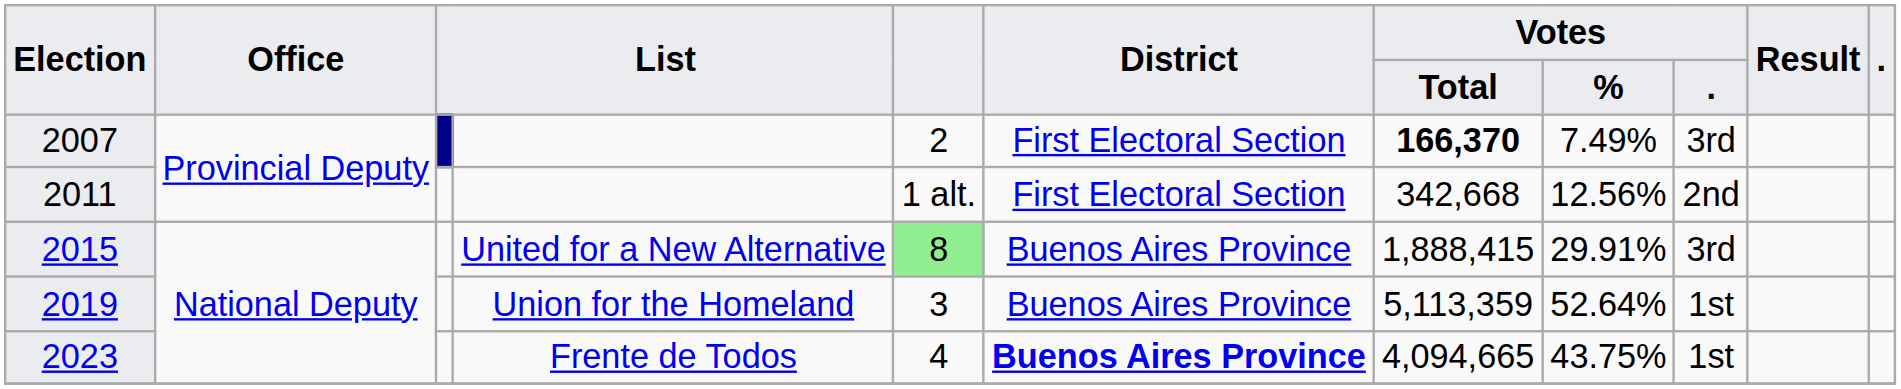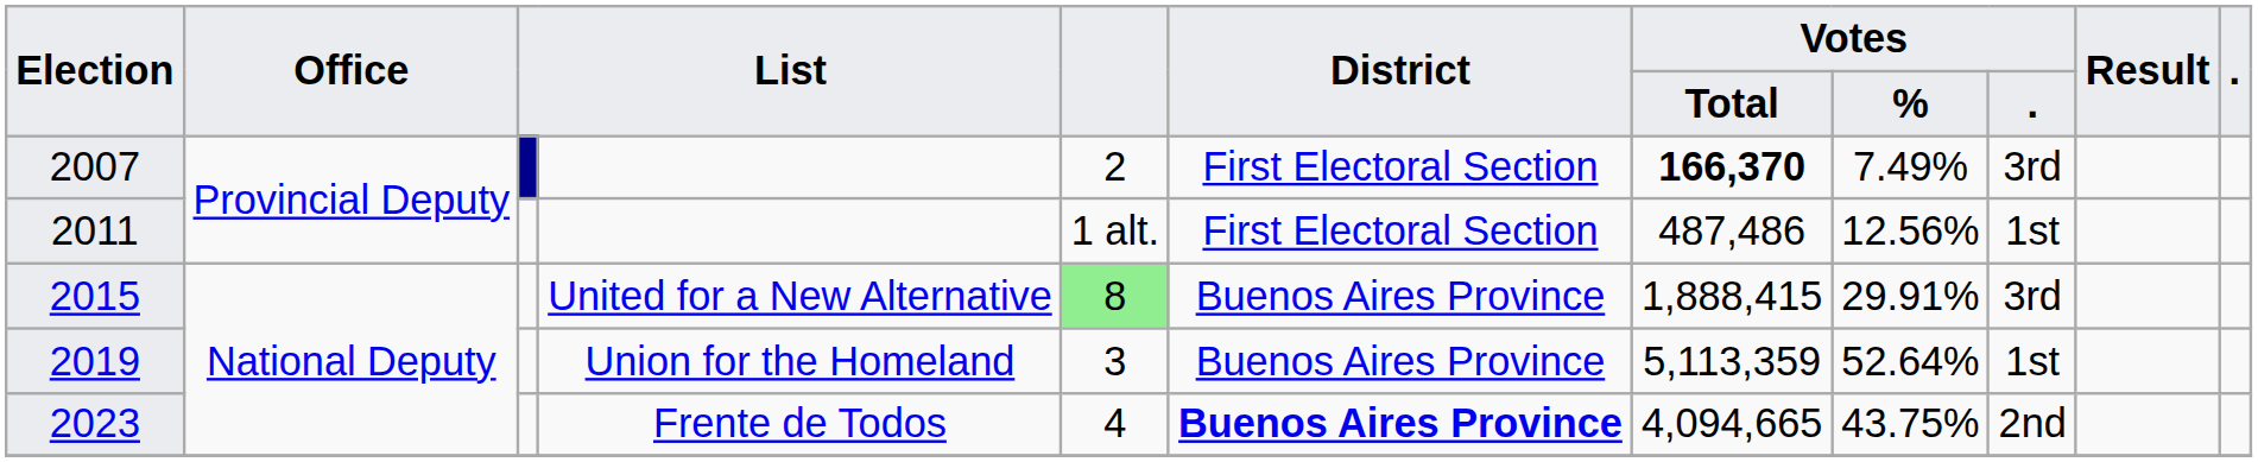 <table class="wikitable" style="font-size:90%; text-align:center;">
 <tr>
 <th style="background-color:#EAECF0;" rowspan=2>Election</th>
 <th style="background-color:#EAECF0;" rowspan=2>Office</th>
 <th style="background-color:#EAECF0;" colspan=2 rowspan=2>List</th>
 <th style="background-color:#EAECF0;" rowspan=2></th>
 <th style="background-color:#EAECF0;" rowspan=2>District</th>
 <th style="background-color:#EAECF0;" colspan=3>Votes</th>
 <th style="background-color:#EAECF0;" rowspan=2>Result</th>
 <th style="background-color:#EAECF0;" rowspan=2>.</th>
 </tr>
 <tr>
 <th style="background-color:#EAECF0;">Total</th>
 <th style="background-color:#EAECF0;">%</th>
 <th style="background-color:#EAECF0;">.</th>
 </tr>
 <tr>
 <td style="background-color:#EAECF0;">2007</td>
 <td rowspan="2"><a href='#'>Provincial Deputy</a></td>
 <td style="background-color:darkblue;"></td>
 <td></td>
 <td>2</td>
 <td><a href='#'>First Electoral Section</a></td>
 <td><strong>166,370</strong></td>
 <td>7.49%</td>
 <td>3rd</td>
 <td></td>
 <td></td>
 </tr>
 <tr>
 <td style="background-color:#EAECF0;">2011</td>
 <td style="background-color:"></td>
 <td></td>
 <td>1 alt.</td>
 <td><a href='#'>First Electoral Section</a></td>
-<td>342,668</td>
+<td>487,486</td>
 <td>12.56%</td>
-<td>2nd</td>
+<td>1st</td>
 <td></td>
 <td></td>
 </tr>
 <tr>
 <td style="background-color:#EAECF0;"><a href='#'>2015</a></td>
 <td rowspan="3"><a href='#'>National Deputy</a></td>
 <td style="background-color:"></td>
 <td><a href='#'>United for a New Alternative</a></td>
 <td style="background: lightgreen;">8</td>
 <td><a href='#'>Buenos Aires Province</a></td>
 <td>1,888,415</td>
 <td>29.91%</td>
 <td>3rd</td>
 <td></td>
 <td></td>
 </tr>
 <tr>
 <td style="background-color:#EAECF0;"><a href='#'>2019</a></td>
 <td style="background-color:"></td>
 <td><a href='#'>Union for the Homeland</a></td>
 <td>3</td>
 <td><a href='#'>Buenos Aires Province</a></td>
 <td>5,113,359</td>
 <td>52.64%</td>
 <td>1st</td>
 <td></td>
 <td></td>
 </tr>
 <tr>
 <td style="background-color:#EAECF0;"><a href='#'>2023</a></td>
 <td style="background-color:"></td>
 <td><a href='#'>Frente de Todos</a></td>
 <td>4</td>
 <td><strong><a href='#'>Buenos Aires Province</a></strong></td>
 <td>4,094,665</td>
 <td>43.75%</td>
-<td>1st</td>
+<td>2nd</td>
 <td></td>
 <td></td>
 </tr>
 <tr>
 </tr>
 </table>
